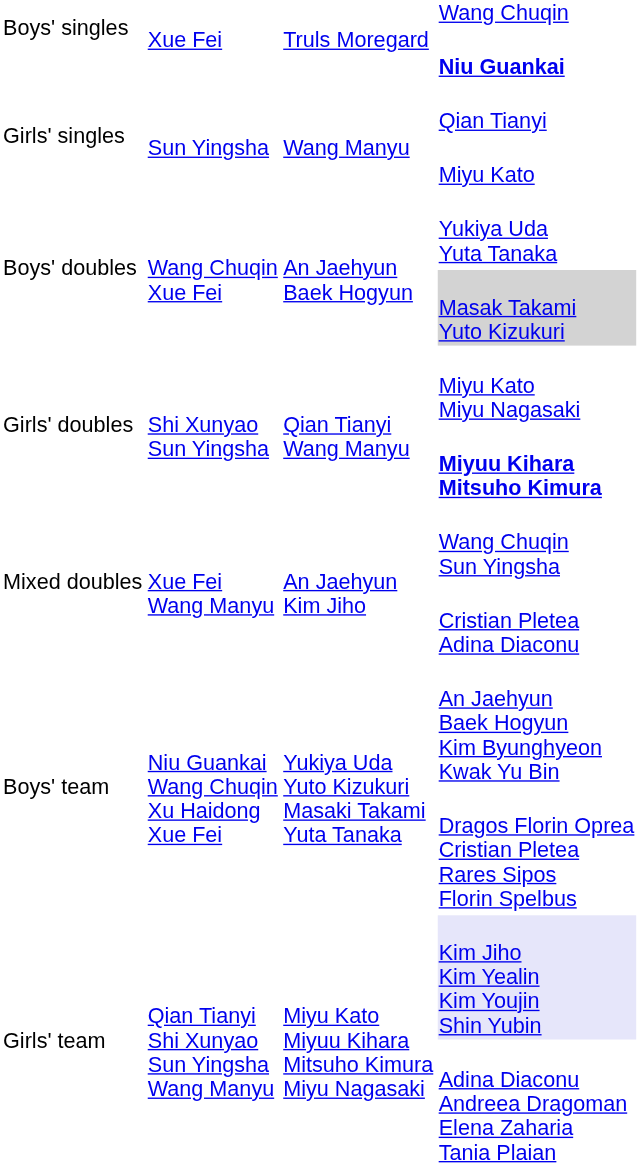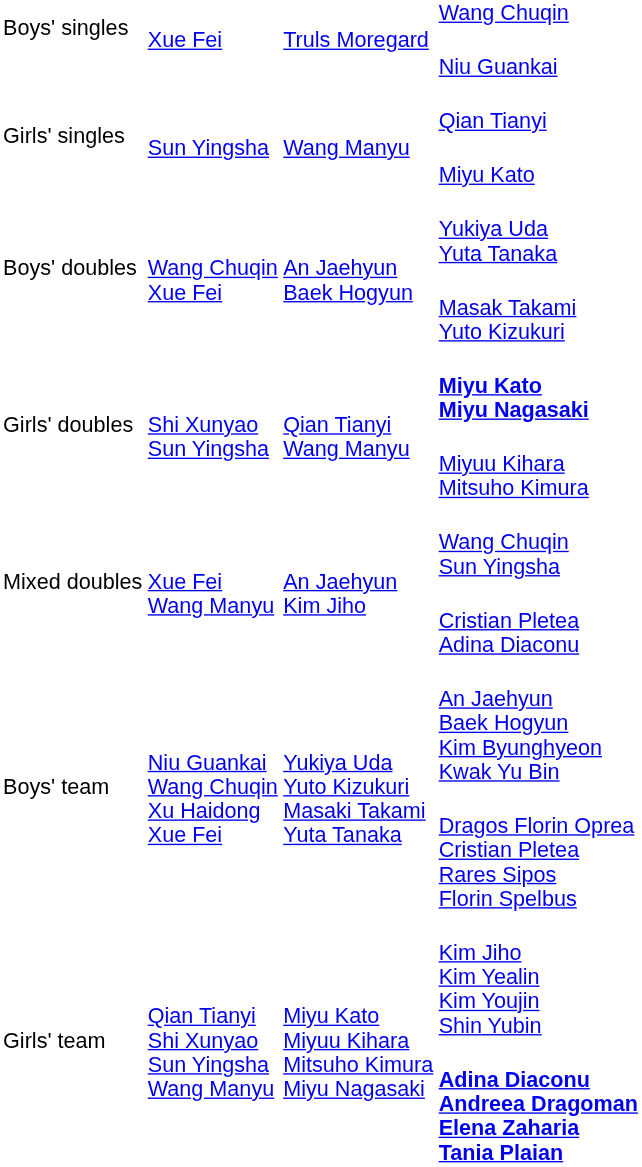 <table>
 <tr>
 <td rowspan=2>Boys' singles</td>
 <td rowspan=2><br><a href='#'>Xue Fei</a></td>
 <td rowspan=2><br><a href='#'>Truls Moregard</a></td>
 <td><br><a href='#'>Wang Chuqin</a></td>
 </tr>
 <tr>
-<td><strong><br><a href='#'>Niu Guankai</a></strong></td>
+<td><br><a href='#'>Niu Guankai</a></td>
 </tr>
 <tr>
 <td rowspan=2>Girls' singles</td>
 <td rowspan=2><br><a href='#'>Sun Yingsha</a></td>
 <td rowspan=2><br><a href='#'>Wang Manyu</a></td>
 <td><br><a href='#'>Qian Tianyi</a></td>
 </tr>
 <tr>
 <td><br><a href='#'>Miyu Kato</a></td>
 </tr>
 <tr>
 <td rowspan=2>Boys' doubles</td>
 <td rowspan=2><br><a href='#'>Wang Chuqin</a><br><a href='#'>Xue Fei</a></td>
 <td rowspan=2><br><a href='#'>An Jaehyun</a><br><a href='#'>Baek Hogyun</a></td>
 <td><br><a href='#'>Yukiya Uda</a><br><a href='#'>Yuta Tanaka</a></td>
 </tr>
 <tr>
-<td style="background: lightgrey;"><br><a href='#'>Masak Takami</a><br><a href='#'>Yuto Kizukuri</a></td>
+<td><br><a href='#'>Masak Takami</a><br><a href='#'>Yuto Kizukuri</a></td>
 </tr>
 <tr>
 <td rowspan=2>Girls' doubles</td>
 <td rowspan=2><br><a href='#'>Shi Xunyao</a><br><a href='#'>Sun Yingsha</a></td>
 <td rowspan=2><br><a href='#'>Qian Tianyi</a><br><a href='#'>Wang Manyu</a></td>
-<td><br><a href='#'>Miyu Kato</a><br><a href='#'>Miyu Nagasaki</a></td>
+<td><strong><br><a href='#'>Miyu Kato</a><br><a href='#'>Miyu Nagasaki</a></strong></td>
 </tr>
 <tr>
-<td><strong><br><a href='#'>Miyuu Kihara</a><br><a href='#'>Mitsuho Kimura</a></strong></td>
+<td><br><a href='#'>Miyuu Kihara</a><br><a href='#'>Mitsuho Kimura</a></td>
 </tr>
 <tr>
 <td rowspan=2>Mixed doubles</td>
 <td rowspan=2><br><a href='#'>Xue Fei</a><br><a href='#'>Wang Manyu</a></td>
 <td rowspan=2><br><a href='#'>An Jaehyun</a><br><a href='#'>Kim Jiho</a></td>
 <td><br><a href='#'>Wang Chuqin</a><br><a href='#'>Sun Yingsha</a></td>
 </tr>
 <tr>
 <td><br><a href='#'>Cristian Pletea</a><br><a href='#'>Adina Diaconu</a></td>
 </tr>
 <tr>
 <td rowspan=2>Boys' team</td>
 <td rowspan=2><br><a href='#'>Niu Guankai </a><br><a href='#'>Wang Chuqin</a><br><a href='#'>Xu Haidong</a><br><a href='#'>Xue Fei</a></td>
 <td rowspan=2><br><a href='#'>Yukiya Uda</a><br><a href='#'>Yuto Kizukuri</a><br><a href='#'>Masaki Takami</a><br><a href='#'>Yuta Tanaka</a></td>
 <td><br><a href='#'>An Jaehyun</a><br><a href='#'>Baek Hogyun</a><br><a href='#'>Kim Byunghyeon</a><br><a href='#'>Kwak Yu Bin</a></td>
 </tr>
 <tr>
 <td><br><a href='#'>Dragos Florin Oprea</a><br><a href='#'>Cristian Pletea</a><br><a href='#'>Rares Sipos</a><br><a href='#'>Florin Spelbus</a></td>
 </tr>
 <tr>
 <td rowspan=2>Girls' team</td>
 <td rowspan=2><br><a href='#'>Qian Tianyi</a><br><a href='#'>Shi Xunyao</a><br><a href='#'>Sun Yingsha</a><br><a href='#'>Wang Manyu</a></td>
 <td rowspan=2><br><a href='#'>Miyu Kato</a><br><a href='#'>Miyuu Kihara</a><br><a href='#'>Mitsuho Kimura</a><br><a href='#'>Miyu Nagasaki</a></td>
-<td style="background: lavender;"><br><a href='#'>Kim Jiho</a><br><a href='#'>Kim Yealin</a><br><a href='#'>Kim Youjin</a><br><a href='#'>Shin Yubin</a></td>
+<td><br><a href='#'>Kim Jiho</a><br><a href='#'>Kim Yealin</a><br><a href='#'>Kim Youjin</a><br><a href='#'>Shin Yubin</a></td>
 </tr>
 <tr>
-<td><br><a href='#'>Adina Diaconu</a><br><a href='#'>Andreea Dragoman</a><br><a href='#'>Elena Zaharia</a><br><a href='#'>Tania Plaian</a></td>
+<td><strong><br><a href='#'>Adina Diaconu</a><br><a href='#'>Andreea Dragoman</a><br><a href='#'>Elena Zaharia</a><br><a href='#'>Tania Plaian</a></strong></td>
 </tr>
 </table>
